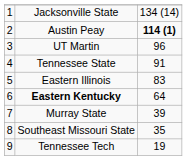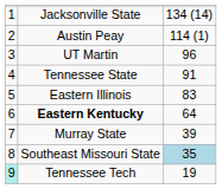 <table class="wikitable" style="display: inline-table;">
 <tr align="center">
 </tr>
 <tr align="center">
 <td>1</td>
 <td>Jacksonville State</td>
 <td>134 (14)</td>
 </tr>
 <tr align="center">
 <td>2</td>
 <td>Austin Peay</td>
-<td><strong>114 (1)</strong></td>
+<td>114 (1)</td>
 </tr>
 <tr align="center">
 <td>3</td>
 <td>UT Martin</td>
 <td>96</td>
 </tr>
 <tr align="center">
 <td>4</td>
 <td>Tennessee State</td>
 <td>91</td>
 </tr>
 <tr align="center">
 <td>5</td>
 <td>Eastern Illinois</td>
 <td>83</td>
 </tr>
 <tr align="center">
 <td>6</td>
 <td><strong>Eastern Kentucky</strong></td>
 <td>64</td>
 </tr>
 <tr align="center">
 <td>7</td>
 <td>Murray State</td>
 <td>39</td>
 </tr>
 <tr align="center">
 <td>8</td>
 <td>Southeast Missouri State</td>
-<td>35</td>
+<td style="background: lightblue;">35</td>
 </tr>
 <tr align="center">
-<td>9</td>
+<td style="background: paleturquoise;">9</td>
 <td>Tennessee Tech</td>
 <td>19</td>
 </tr>
 </table>
